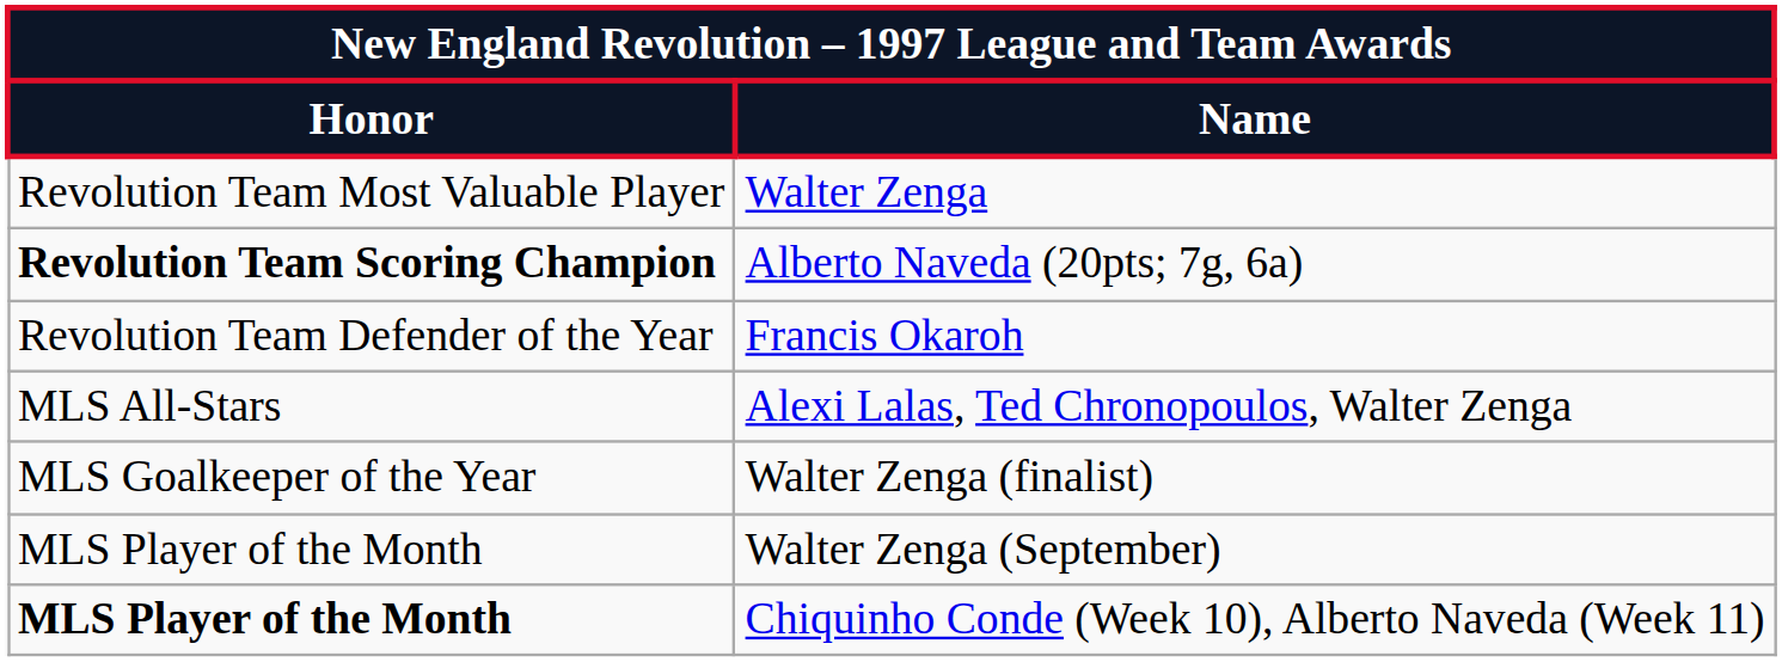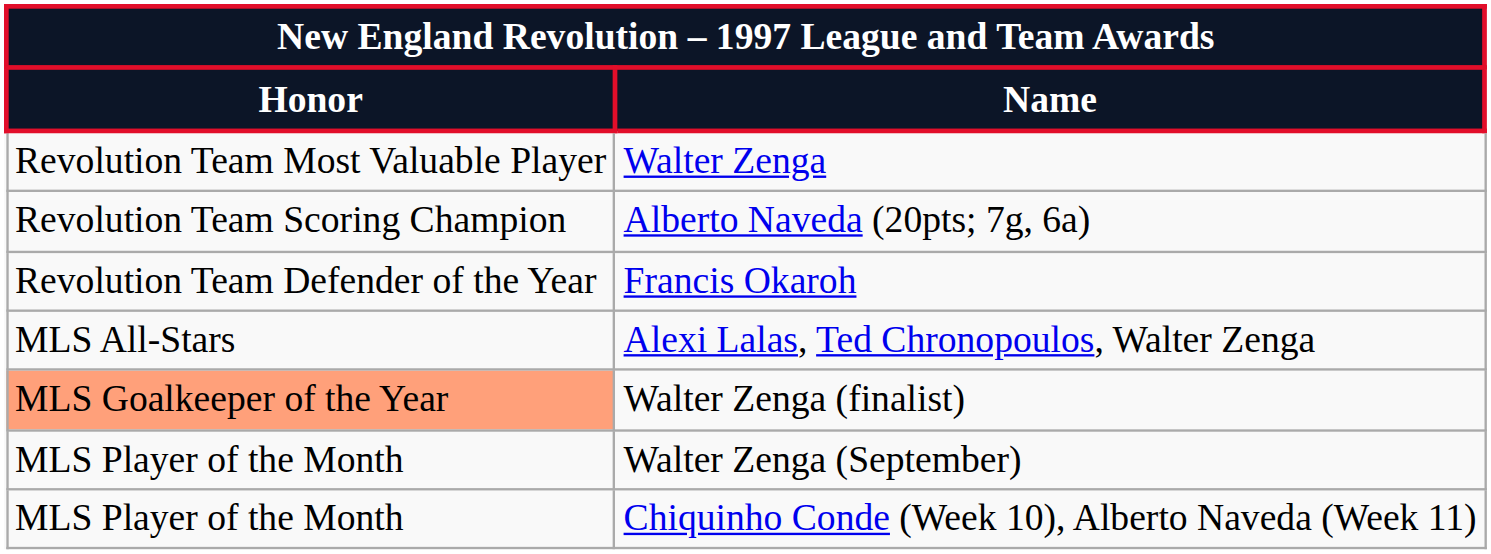 <table class="wikitable">
 <tr>
 <th colspan="3" style="background:#0c1527; color:#fff; border:2px solid #e20e2a; text-align: center; font-weight:bold;">New England Revolution – 1997 League and Team Awards</th>
 </tr>
 <tr>
 <th style="background:#0c1527; color:#fff; border:2px solid #e20e2a;" scope="col">Honor</th>
 <th style="background:#0c1527; color:#fff; border:2px solid #e20e2a;" scope="col">Name</th>
 </tr>
 <tr>
 <td>Revolution Team Most Valuable Player</td>
 <td><a href='#'>Walter Zenga</a></td>
 </tr>
 <tr>
-<td><strong>Revolution Team Scoring Champion</strong></td>
+<td>Revolution Team Scoring Champion</td>
 <td><a href='#'>Alberto Naveda</a> (20pts; 7g, 6a)</td>
 </tr>
 <tr>
 <td>Revolution Team Defender of the Year</td>
 <td><a href='#'>Francis Okaroh</a></td>
 </tr>
 <tr>
 <td>MLS All-Stars</td>
 <td><a href='#'>Alexi Lalas</a>, <a href='#'>Ted Chronopoulos</a>, Walter Zenga</td>
 </tr>
 <tr>
-<td>MLS Goalkeeper of the Year</td>
+<td style="background: lightsalmon;">MLS Goalkeeper of the Year</td>
 <td>Walter Zenga (finalist)</td>
 </tr>
 <tr>
 <td>MLS Player of the Month</td>
 <td>Walter Zenga (September)</td>
 </tr>
 <tr>
-<td><strong>MLS Player of the Month</strong></td>
+<td>MLS Player of the Month</td>
 <td><a href='#'>Chiquinho Conde</a> (Week 10), Alberto Naveda (Week 11)</td>
 </tr>
 </table>
